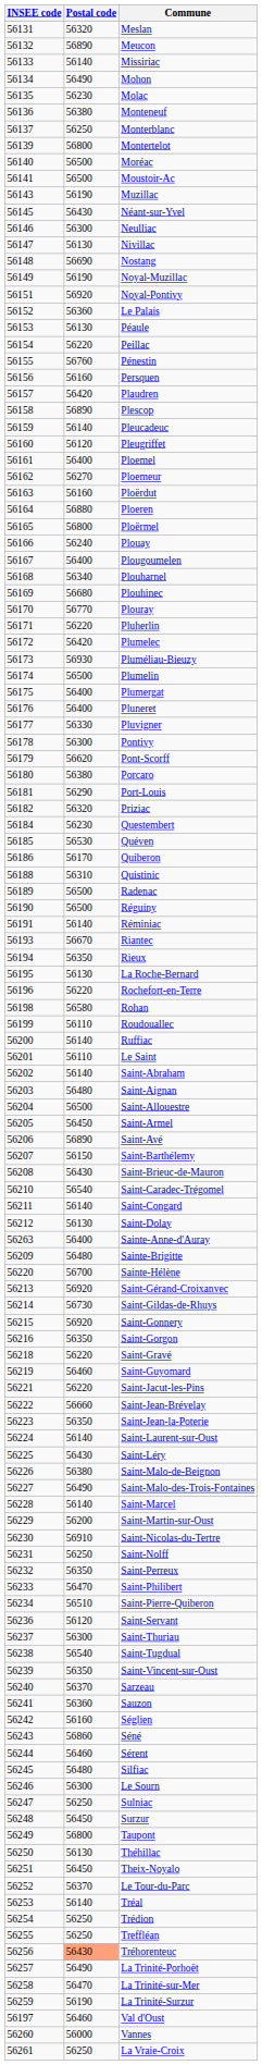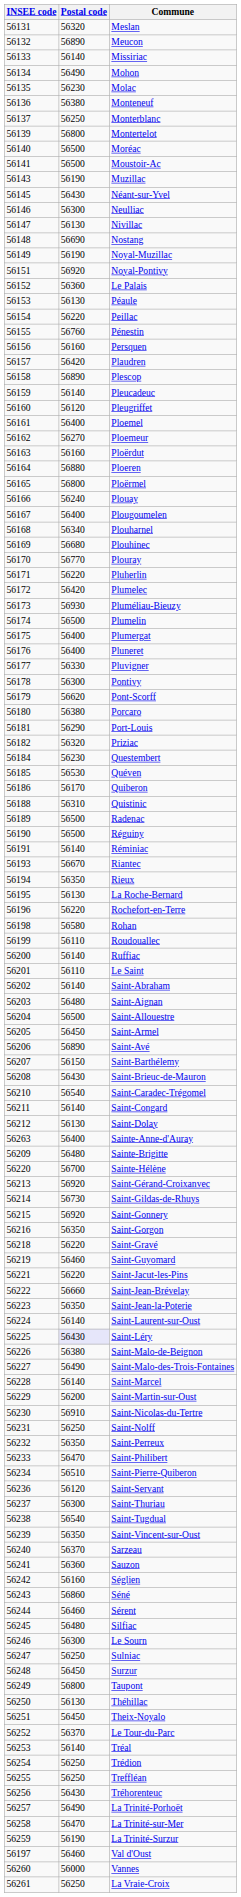 <table class="wikitable sortable">
 <tr>
 <th><a href='#'>INSEE code</a></th>
 <th><a href='#'>Postal code</a></th>
 <th>Commune</th>
 </tr>
 <tr>
 <td>56131</td>
 <td>56320</td>
 <td><a href='#'>Meslan</a></td>
 </tr>
 <tr>
 <td>56132</td>
 <td>56890</td>
 <td><a href='#'>Meucon</a></td>
 </tr>
 <tr>
 <td>56133</td>
 <td>56140</td>
 <td><a href='#'>Missiriac</a></td>
 </tr>
 <tr>
 <td>56134</td>
 <td>56490</td>
 <td><a href='#'>Mohon</a></td>
 </tr>
 <tr>
 <td>56135</td>
 <td>56230</td>
 <td><a href='#'>Molac</a></td>
 </tr>
 <tr>
 <td>56136</td>
 <td>56380</td>
 <td><a href='#'>Monteneuf</a></td>
 </tr>
 <tr>
 <td>56137</td>
 <td>56250</td>
 <td><a href='#'>Monterblanc</a></td>
 </tr>
 <tr>
 <td>56139</td>
 <td>56800</td>
 <td><a href='#'>Montertelot</a></td>
 </tr>
 <tr>
 <td>56140</td>
 <td>56500</td>
 <td><a href='#'>Moréac</a></td>
 </tr>
 <tr>
 <td>56141</td>
 <td>56500</td>
 <td><a href='#'>Moustoir-Ac</a></td>
 </tr>
 <tr>
 <td>56143</td>
 <td>56190</td>
 <td><a href='#'>Muzillac</a></td>
 </tr>
 <tr>
 <td>56145</td>
 <td>56430</td>
 <td><a href='#'>Néant-sur-Yvel</a></td>
 </tr>
 <tr>
 <td>56146</td>
 <td>56300</td>
 <td><a href='#'>Neulliac</a></td>
 </tr>
 <tr>
 <td>56147</td>
 <td>56130</td>
 <td><a href='#'>Nivillac</a></td>
 </tr>
 <tr>
 <td>56148</td>
 <td>56690</td>
 <td><a href='#'>Nostang</a></td>
 </tr>
 <tr>
 <td>56149</td>
 <td>56190</td>
 <td><a href='#'>Noyal-Muzillac</a></td>
 </tr>
 <tr>
 <td>56151</td>
 <td>56920</td>
 <td><a href='#'>Noyal-Pontivy</a></td>
 </tr>
 <tr>
 <td>56152</td>
 <td>56360</td>
 <td><a href='#'>Le Palais</a></td>
 </tr>
 <tr>
 <td>56153</td>
 <td>56130</td>
 <td><a href='#'>Péaule</a></td>
 </tr>
 <tr>
 <td>56154</td>
 <td>56220</td>
 <td><a href='#'>Peillac</a></td>
 </tr>
 <tr>
 <td>56155</td>
 <td>56760</td>
 <td><a href='#'>Pénestin</a></td>
 </tr>
 <tr>
 <td>56156</td>
 <td>56160</td>
 <td><a href='#'>Persquen</a></td>
 </tr>
 <tr>
 <td>56157</td>
 <td>56420</td>
 <td><a href='#'>Plaudren</a></td>
 </tr>
 <tr>
 <td>56158</td>
 <td>56890</td>
 <td><a href='#'>Plescop</a></td>
 </tr>
 <tr>
 <td>56159</td>
 <td>56140</td>
 <td><a href='#'>Pleucadeuc</a></td>
 </tr>
 <tr>
 <td>56160</td>
 <td>56120</td>
 <td><a href='#'>Pleugriffet</a></td>
 </tr>
 <tr>
 <td>56161</td>
 <td>56400</td>
 <td><a href='#'>Ploemel</a></td>
 </tr>
 <tr>
 <td>56162</td>
 <td>56270</td>
 <td><a href='#'>Ploemeur</a></td>
 </tr>
 <tr>
 <td>56163</td>
 <td>56160</td>
 <td><a href='#'>Ploërdut</a></td>
 </tr>
 <tr>
 <td>56164</td>
 <td>56880</td>
 <td><a href='#'>Ploeren</a></td>
 </tr>
 <tr>
 <td>56165</td>
 <td>56800</td>
 <td><a href='#'>Ploërmel</a></td>
 </tr>
 <tr>
 <td>56166</td>
 <td>56240</td>
 <td><a href='#'>Plouay</a></td>
 </tr>
 <tr>
 <td>56167</td>
 <td>56400</td>
 <td><a href='#'>Plougoumelen</a></td>
 </tr>
 <tr>
 <td>56168</td>
 <td>56340</td>
 <td><a href='#'>Plouharnel</a></td>
 </tr>
 <tr>
 <td>56169</td>
 <td>56680</td>
 <td><a href='#'>Plouhinec</a></td>
 </tr>
 <tr>
 <td>56170</td>
 <td>56770</td>
 <td><a href='#'>Plouray</a></td>
 </tr>
 <tr>
 <td>56171</td>
 <td>56220</td>
 <td><a href='#'>Pluherlin</a></td>
 </tr>
 <tr>
 <td>56172</td>
 <td>56420</td>
 <td><a href='#'>Plumelec</a></td>
 </tr>
 <tr>
 <td>56173</td>
 <td>56930</td>
 <td><a href='#'>Pluméliau-Bieuzy</a></td>
 </tr>
 <tr>
 <td>56174</td>
 <td>56500</td>
 <td><a href='#'>Plumelin</a></td>
 </tr>
 <tr>
 <td>56175</td>
 <td>56400</td>
 <td><a href='#'>Plumergat</a></td>
 </tr>
 <tr>
 <td>56176</td>
 <td>56400</td>
 <td><a href='#'>Pluneret</a></td>
 </tr>
 <tr>
 <td>56177</td>
 <td>56330</td>
 <td><a href='#'>Pluvigner</a></td>
 </tr>
 <tr>
 <td>56178</td>
 <td>56300</td>
 <td><a href='#'>Pontivy</a></td>
 </tr>
 <tr>
 <td>56179</td>
 <td>56620</td>
 <td><a href='#'>Pont-Scorff</a></td>
 </tr>
 <tr>
 <td>56180</td>
 <td>56380</td>
 <td><a href='#'>Porcaro</a></td>
 </tr>
 <tr>
 <td>56181</td>
 <td>56290</td>
 <td><a href='#'>Port-Louis</a></td>
 </tr>
 <tr>
 <td>56182</td>
 <td>56320</td>
 <td><a href='#'>Priziac</a></td>
 </tr>
 <tr>
 <td>56184</td>
 <td>56230</td>
 <td><a href='#'>Questembert</a></td>
 </tr>
 <tr>
 <td>56185</td>
 <td>56530</td>
 <td><a href='#'>Quéven</a></td>
 </tr>
 <tr>
 <td>56186</td>
 <td>56170</td>
 <td><a href='#'>Quiberon</a></td>
 </tr>
 <tr>
 <td>56188</td>
 <td>56310</td>
 <td><a href='#'>Quistinic</a></td>
 </tr>
 <tr>
 <td>56189</td>
 <td>56500</td>
 <td><a href='#'>Radenac</a></td>
 </tr>
 <tr>
 <td>56190</td>
 <td>56500</td>
 <td><a href='#'>Réguiny</a></td>
 </tr>
 <tr>
 <td>56191</td>
 <td>56140</td>
 <td><a href='#'>Réminiac</a></td>
 </tr>
 <tr>
 <td>56193</td>
 <td>56670</td>
 <td><a href='#'>Riantec</a></td>
 </tr>
 <tr>
 <td>56194</td>
 <td>56350</td>
 <td><a href='#'>Rieux</a></td>
 </tr>
 <tr>
 <td>56195</td>
 <td>56130</td>
 <td><a href='#'>La Roche-Bernard</a></td>
 </tr>
 <tr>
 <td>56196</td>
 <td>56220</td>
 <td><a href='#'>Rochefort-en-Terre</a></td>
 </tr>
 <tr>
 <td>56198</td>
 <td>56580</td>
 <td><a href='#'>Rohan</a></td>
 </tr>
 <tr>
 <td>56199</td>
 <td>56110</td>
 <td><a href='#'>Roudouallec</a></td>
 </tr>
 <tr>
 <td>56200</td>
 <td>56140</td>
 <td><a href='#'>Ruffiac</a></td>
 </tr>
 <tr>
 <td>56201</td>
 <td>56110</td>
 <td><a href='#'>Le Saint</a></td>
 </tr>
 <tr>
 <td>56202</td>
 <td>56140</td>
 <td><a href='#'>Saint-Abraham</a></td>
 </tr>
 <tr>
 <td>56203</td>
 <td>56480</td>
 <td><a href='#'>Saint-Aignan</a></td>
 </tr>
 <tr>
 <td>56204</td>
 <td>56500</td>
 <td><a href='#'>Saint-Allouestre</a></td>
 </tr>
 <tr>
 <td>56205</td>
 <td>56450</td>
 <td><a href='#'>Saint-Armel</a></td>
 </tr>
 <tr>
 <td>56206</td>
 <td>56890</td>
 <td><a href='#'>Saint-Avé</a></td>
 </tr>
 <tr>
 <td>56207</td>
 <td>56150</td>
 <td><a href='#'>Saint-Barthélemy</a></td>
 </tr>
 <tr>
 <td>56208</td>
 <td>56430</td>
 <td><a href='#'>Saint-Brieuc-de-Mauron</a></td>
 </tr>
 <tr>
 <td>56210</td>
 <td>56540</td>
 <td><a href='#'>Saint-Caradec-Trégomel</a></td>
 </tr>
 <tr>
 <td>56211</td>
 <td>56140</td>
 <td><a href='#'>Saint-Congard</a></td>
 </tr>
 <tr>
 <td>56212</td>
 <td>56130</td>
 <td><a href='#'>Saint-Dolay</a></td>
 </tr>
 <tr>
 <td>56263</td>
 <td>56400</td>
 <td><a href='#'>Sainte-Anne-d'Auray</a></td>
 </tr>
 <tr>
 <td>56209</td>
 <td>56480</td>
 <td><a href='#'>Sainte-Brigitte</a></td>
 </tr>
 <tr>
 <td>56220</td>
 <td>56700</td>
 <td><a href='#'>Sainte-Hélène</a></td>
 </tr>
 <tr>
 <td>56213</td>
 <td>56920</td>
 <td><a href='#'>Saint-Gérand-Croixanvec</a></td>
 </tr>
 <tr>
 <td>56214</td>
 <td>56730</td>
 <td><a href='#'>Saint-Gildas-de-Rhuys</a></td>
 </tr>
 <tr>
 <td>56215</td>
 <td>56920</td>
 <td><a href='#'>Saint-Gonnery</a></td>
 </tr>
 <tr>
 <td>56216</td>
 <td>56350</td>
 <td><a href='#'>Saint-Gorgon</a></td>
 </tr>
 <tr>
 <td>56218</td>
 <td>56220</td>
 <td><a href='#'>Saint-Gravé</a></td>
 </tr>
 <tr>
 <td>56219</td>
 <td>56460</td>
 <td><a href='#'>Saint-Guyomard</a></td>
 </tr>
 <tr>
 <td>56221</td>
 <td>56220</td>
 <td><a href='#'>Saint-Jacut-les-Pins</a></td>
 </tr>
 <tr>
 <td>56222</td>
 <td>56660</td>
 <td><a href='#'>Saint-Jean-Brévelay</a></td>
 </tr>
 <tr>
 <td>56223</td>
 <td>56350</td>
 <td><a href='#'>Saint-Jean-la-Poterie</a></td>
 </tr>
 <tr>
 <td>56224</td>
 <td>56140</td>
 <td><a href='#'>Saint-Laurent-sur-Oust</a></td>
 </tr>
 <tr>
 <td>56225</td>
-<td>56430</td>
+<td style="background: lavender;">56430</td>
 <td><a href='#'>Saint-Léry</a></td>
 </tr>
 <tr>
 <td>56226</td>
 <td>56380</td>
 <td><a href='#'>Saint-Malo-de-Beignon</a></td>
 </tr>
 <tr>
 <td>56227</td>
 <td>56490</td>
 <td><a href='#'>Saint-Malo-des-Trois-Fontaines</a></td>
 </tr>
 <tr>
 <td>56228</td>
 <td>56140</td>
 <td><a href='#'>Saint-Marcel</a></td>
 </tr>
 <tr>
 <td>56229</td>
 <td>56200</td>
 <td><a href='#'>Saint-Martin-sur-Oust</a></td>
 </tr>
 <tr>
 <td>56230</td>
 <td>56910</td>
 <td><a href='#'>Saint-Nicolas-du-Tertre</a></td>
 </tr>
 <tr>
 <td>56231</td>
 <td>56250</td>
 <td><a href='#'>Saint-Nolff</a></td>
 </tr>
 <tr>
 <td>56232</td>
 <td>56350</td>
 <td><a href='#'>Saint-Perreux</a></td>
 </tr>
 <tr>
 <td>56233</td>
 <td>56470</td>
 <td><a href='#'>Saint-Philibert</a></td>
 </tr>
 <tr>
 <td>56234</td>
 <td>56510</td>
 <td><a href='#'>Saint-Pierre-Quiberon</a></td>
 </tr>
 <tr>
 <td>56236</td>
 <td>56120</td>
 <td><a href='#'>Saint-Servant</a></td>
 </tr>
 <tr>
 <td>56237</td>
 <td>56300</td>
 <td><a href='#'>Saint-Thuriau</a></td>
 </tr>
 <tr>
 <td>56238</td>
 <td>56540</td>
 <td><a href='#'>Saint-Tugdual</a></td>
 </tr>
 <tr>
 <td>56239</td>
 <td>56350</td>
 <td><a href='#'>Saint-Vincent-sur-Oust</a></td>
 </tr>
 <tr>
 <td>56240</td>
 <td>56370</td>
 <td><a href='#'>Sarzeau</a></td>
 </tr>
 <tr>
 <td>56241</td>
 <td>56360</td>
 <td><a href='#'>Sauzon</a></td>
 </tr>
 <tr>
 <td>56242</td>
 <td>56160</td>
 <td><a href='#'>Séglien</a></td>
 </tr>
 <tr>
 <td>56243</td>
 <td>56860</td>
 <td><a href='#'>Séné</a></td>
 </tr>
 <tr>
 <td>56244</td>
 <td>56460</td>
 <td><a href='#'>Sérent</a></td>
 </tr>
 <tr>
 <td>56245</td>
 <td>56480</td>
 <td><a href='#'>Silfiac</a></td>
 </tr>
 <tr>
 <td>56246</td>
 <td>56300</td>
 <td><a href='#'>Le Sourn</a></td>
 </tr>
 <tr>
 <td>56247</td>
 <td>56250</td>
 <td><a href='#'>Sulniac</a></td>
 </tr>
 <tr>
 <td>56248</td>
 <td>56450</td>
 <td><a href='#'>Surzur</a></td>
 </tr>
 <tr>
 <td>56249</td>
 <td>56800</td>
 <td><a href='#'>Taupont</a></td>
 </tr>
 <tr>
 <td>56250</td>
 <td>56130</td>
 <td><a href='#'>Théhillac</a></td>
 </tr>
 <tr>
 <td>56251</td>
 <td>56450</td>
 <td><a href='#'>Theix-Noyalo</a></td>
 </tr>
 <tr>
 <td>56252</td>
 <td>56370</td>
 <td><a href='#'>Le Tour-du-Parc</a></td>
 </tr>
 <tr>
 <td>56253</td>
 <td>56140</td>
 <td><a href='#'>Tréal</a></td>
 </tr>
 <tr>
 <td>56254</td>
 <td>56250</td>
 <td><a href='#'>Trédion</a></td>
 </tr>
 <tr>
 <td>56255</td>
 <td>56250</td>
 <td><a href='#'>Treffléan</a></td>
 </tr>
 <tr>
 <td>56256</td>
-<td style="background: lightsalmon;">56430</td>
+<td>56430</td>
 <td><a href='#'>Tréhorenteuc</a></td>
 </tr>
 <tr>
 <td>56257</td>
 <td>56490</td>
 <td><a href='#'>La Trinité-Porhoët</a></td>
 </tr>
 <tr>
 <td>56258</td>
 <td>56470</td>
 <td><a href='#'>La Trinité-sur-Mer</a></td>
 </tr>
 <tr>
 <td>56259</td>
 <td>56190</td>
 <td><a href='#'>La Trinité-Surzur</a></td>
 </tr>
 <tr>
 <td>56197</td>
 <td>56460</td>
 <td><a href='#'>Val d'Oust</a></td>
 </tr>
 <tr>
 <td>56260</td>
 <td>56000</td>
 <td><a href='#'>Vannes</a></td>
 </tr>
 <tr>
 <td>56261</td>
 <td>56250</td>
 <td><a href='#'>La Vraie-Croix</a></td>
 </tr>
 </table>
